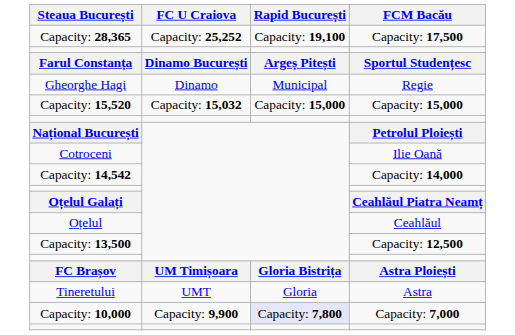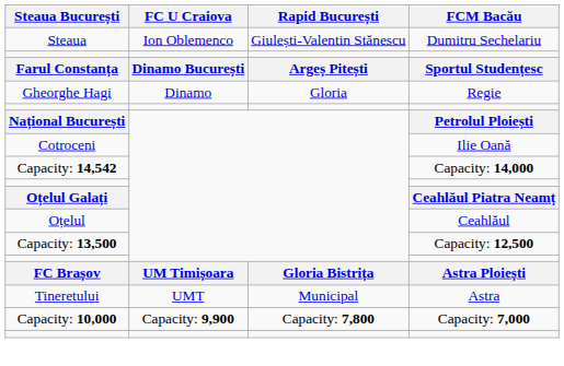 <table class="wikitable" style="text-align:center; margin:0.5em auto;">
 <tr>
 <th><a href='#'>Steaua București</a></th>
 <th><a href='#'>FC U Craiova</a></th>
 <th><a href='#'>Rapid București</a></th>
 <th><a href='#'>FCM Bacău</a></th>
 </tr>
 <tr>
-<td>Capacity: <strong>28,365</strong></td>
-<td>Capacity: <strong>25,252</strong></td>
-<td>Capacity: <strong>19,100</strong></td>
-<td>Capacity: <strong>17,500</strong></td>
+<td><a href='#'>Steaua</a></td>
+<td><a href='#'>Ion Oblemenco</a></td>
+<td><a href='#'>Giulești-Valentin Stănescu</a></td>
+<td><a href='#'>Dumitru Sechelariu</a></td>
 </tr>
 <tr>
 <td></td>
 <td></td>
 <td></td>
 <td></td>
 </tr>
 <tr>
 <th><a href='#'>Farul Constanța</a></th>
 <th><a href='#'>Dinamo București</a></th>
 <th><a href='#'>Argeș Pitești</a></th>
 <th><a href='#'>Sportul Studențesc</a></th>
 </tr>
 <tr>
 <td><a href='#'>Gheorghe Hagi</a></td>
 <td><a href='#'>Dinamo</a></td>
-<td><a href='#'>Municipal</a></td>
+<td><a href='#'>Gloria</a></td>
 <td><a href='#'>Regie</a></td>
-</tr>
-<tr>
-<td>Capacity: <strong>15,520</strong></td>
-<td>Capacity: <strong>15,032</strong></td>
-<td>Capacity: <strong>15,000</strong></td>
-<td>Capacity: <strong>15,000</strong></td>
 </tr>
 <tr>
 <td></td>
 <td></td>
 <td></td>
 <td></td>
 </tr>
 <tr>
 <th><a href='#'>Național București</a></th>
 <td colspan="2" rowspan="8"><br> </td>
 <th><a href='#'>Petrolul Ploiești</a></th>
 </tr>
 <tr>
 <td><a href='#'>Cotroceni</a></td>
 <td><a href='#'>Ilie Oană</a></td>
 </tr>
 <tr>
 <td>Capacity: <strong>14,542</strong></td>
 <td>Capacity: <strong>14,000</strong></td>
 </tr>
 <tr>
 <td></td>
 <td></td>
 </tr>
 <tr>
 <th><a href='#'>Oțelul Galați</a></th>
 <th><a href='#'>Ceahlăul Piatra Neamț</a></th>
 </tr>
 <tr>
 <td><a href='#'>Oțelul</a></td>
 <td><a href='#'>Ceahlăul</a></td>
 </tr>
 <tr>
 <td>Capacity: <strong>13,500</strong></td>
 <td>Capacity: <strong>12,500</strong></td>
 </tr>
 <tr>
 <td></td>
 <td></td>
 </tr>
 <tr>
 <th><a href='#'>FC Brașov</a></th>
 <th><a href='#'>UM Timișoara</a></th>
 <th><a href='#'>Gloria Bistrița</a></th>
 <th><a href='#'>Astra Ploiești</a></th>
 </tr>
 <tr>
 <td><a href='#'>Tineretului</a></td>
 <td><a href='#'>UMT</a></td>
-<td><a href='#'>Gloria</a></td>
+<td><a href='#'>Municipal</a></td>
 <td><a href='#'>Astra</a></td>
 </tr>
 <tr>
 <td>Capacity: <strong>10,000</strong></td>
 <td>Capacity: <strong>9,900</strong></td>
-<td style="background: lavender;">Capacity: <strong>7,800</strong></td>
+<td>Capacity: <strong>7,800</strong></td>
 <td>Capacity: <strong>7,000</strong></td>
 </tr>
 <tr>
 <td></td>
 <td></td>
 <td></td>
 <td></td>
 </tr>
 </table>
